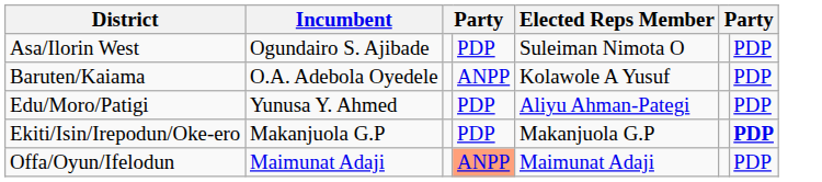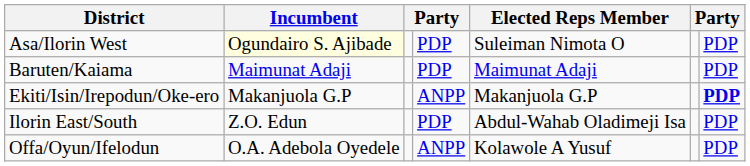 <table class="sortable wikitable" style="font-size:95%;line-height:14px;">
 <tr>
 <th class="unsortable">District</th>
 <th class="unsortable"><a href='#'>Incumbent</a></th>
 <th colspan="2">Party</th>
 <th class="unsortable">Elected Reps Member</th>
 <th colspan="2">Party</th>
 </tr>
 <tr>
 <td>Asa/Ilorin West</td>
-<td>Ogundairo S. Ajibade</td>
+<td style="background: lightyellow;">Ogundairo S. Ajibade</td>
 <td style="background:"></td>
 <td><a href='#'>PDP</a></td>
 <td>Suleiman Nimota O</td>
 <td style="background:"></td>
 <td><a href='#'>PDP</a></td>
 </tr>
 <tr>
 <td>Baruten/Kaiama</td>
+<td><a href='#'>Maimunat Adaji</a></td>
+<td style="background:"></td>
+<td><a href='#'>PDP</a></td>
+<td><a href='#'>Maimunat Adaji</a></td>
+<td style="background:"></td>
+<td><a href='#'>PDP</a></td>
+</tr>
+<tr>
+<td>Ekiti/Isin/Irepodun/Oke-ero</td>
+<td>Makanjuola G.P</td>
+<td style="background:"></td>
+<td><a href='#'>ANPP</a></td>
+<td>Makanjuola G.P</td>
+<td style="background:"></td>
+<td><strong><a href='#'>PDP</a></strong></td>
+</tr>
+<tr>
+<td>Ilorin East/South</td>
+<td>Z.O. Edun</td>
+<td style="background:"></td>
+<td><a href='#'>PDP</a></td>
+<td>Abdul-Wahab Oladimeji Isa</td>
+<td style="background:"></td>
+<td><a href='#'>PDP</a></td>
+</tr>
+<tr>
+<td>Offa/Oyun/Ifelodun</td>
 <td>O.A. Adebola Oyedele</td>
 <td style="background:"></td>
 <td><a href='#'>ANPP</a></td>
 <td>Kolawole A Yusuf</td>
 <td style="background:"></td>
 <td><a href='#'>PDP</a></td>
 </tr>
-<tr>
-<td>Edu/Moro/Patigi</td>
-<td>Yunusa Y. Ahmed</td>
-<td style="background:"></td>
-<td><a href='#'>PDP</a></td>
-<td><a href='#'>Aliyu Ahman-Pategi</a></td>
-<td style="background:"></td>
-<td><a href='#'>PDP</a></td>
-</tr>
-<tr>
-<td>Ekiti/Isin/Irepodun/Oke-ero</td>
-<td>Makanjuola G.P</td>
-<td style="background:"></td>
-<td><a href='#'>PDP</a></td>
-<td>Makanjuola G.P</td>
-<td style="background:"></td>
-<td><strong><a href='#'>PDP</a></strong></td>
-</tr>
-<tr>
-<td>Offa/Oyun/Ifelodun</td>
-<td><a href='#'>Maimunat Adaji</a></td>
-<td style="background:"></td>
-<td style="background: lightsalmon;"><a href='#'>ANPP</a></td>
-<td><a href='#'>Maimunat Adaji</a></td>
-<td style="background:"></td>
-<td><a href='#'>PDP</a></td>
-</tr>
 </table>
